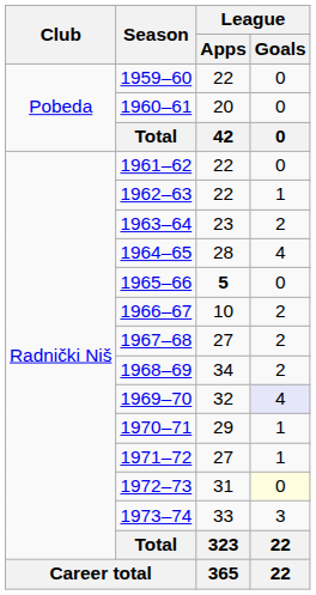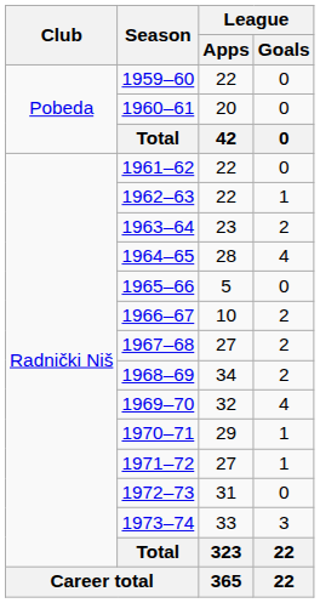 <table class="wikitable" style="text-align:center">
 <tr>
 <th rowspan="2">Club</th>
 <th rowspan="2">Season</th>
 <th colspan="2">League</th>
 </tr>
 <tr>
 <th>Apps</th>
 <th>Goals</th>
 </tr>
 <tr>
 <td rowspan="3"><a href='#'>Pobeda</a></td>
 <td><a href='#'>1959–60</a></td>
 <td>22</td>
 <td>0</td>
 </tr>
 <tr>
 <td><a href='#'>1960–61</a></td>
 <td>20</td>
 <td>0</td>
 </tr>
 <tr>
 <th>Total</th>
 <th>42</th>
 <th>0</th>
 </tr>
 <tr>
 <td rowspan="14"><a href='#'>Radnički Niš</a></td>
 <td><a href='#'>1961–62</a></td>
 <td>22</td>
 <td>0</td>
 </tr>
 <tr>
 <td><a href='#'>1962–63</a></td>
 <td>22</td>
 <td>1</td>
 </tr>
 <tr>
 <td><a href='#'>1963–64</a></td>
 <td>23</td>
 <td>2</td>
 </tr>
 <tr>
 <td><a href='#'>1964–65</a></td>
 <td>28</td>
 <td>4</td>
 </tr>
 <tr>
 <td><a href='#'>1965–66</a></td>
-<td><strong>5</strong></td>
+<td>5</td>
 <td>0</td>
 </tr>
 <tr>
 <td><a href='#'>1966–67</a></td>
 <td>10</td>
 <td>2</td>
 </tr>
 <tr>
 <td><a href='#'>1967–68</a></td>
 <td>27</td>
 <td>2</td>
 </tr>
 <tr>
 <td><a href='#'>1968–69</a></td>
 <td>34</td>
 <td>2</td>
 </tr>
 <tr>
 <td><a href='#'>1969–70</a></td>
 <td>32</td>
-<td style="background: lavender;">4</td>
+<td>4</td>
 </tr>
 <tr>
 <td><a href='#'>1970–71</a></td>
 <td>29</td>
 <td>1</td>
 </tr>
 <tr>
 <td><a href='#'>1971–72</a></td>
 <td>27</td>
 <td>1</td>
 </tr>
 <tr>
 <td><a href='#'>1972–73</a></td>
 <td>31</td>
-<td style="background: lightyellow;">0</td>
+<td>0</td>
 </tr>
 <tr>
 <td><a href='#'>1973–74</a></td>
 <td>33</td>
 <td>3</td>
 </tr>
 <tr>
 <th>Total</th>
 <th>323</th>
 <th>22</th>
 </tr>
 <tr>
 <th colspan="2">Career total</th>
 <th>365</th>
 <th>22</th>
 </tr>
 </table>
